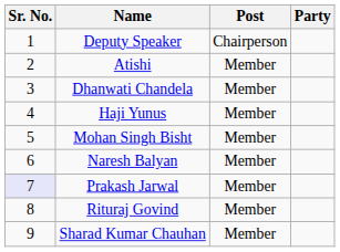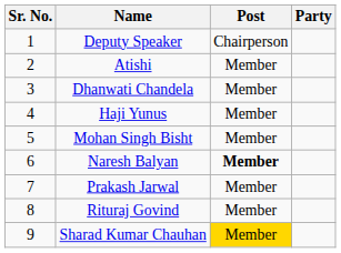 <table class="wikitable sortable">
 <tr>
 <th>Sr. No.</th>
 <th>Name</th>
 <th>Post</th>
 <th colspan="2">Party</th>
 </tr>
 <tr align="center">
 <td>1</td>
 <td><a href='#'>Deputy Speaker</a></td>
 <td>Chairperson</td>
 <td></td>
 </tr>
 <tr align="center">
 <td>2</td>
 <td><a href='#'>Atishi</a></td>
 <td>Member</td>
 <td></td>
 </tr>
 <tr align="center">
 <td>3</td>
 <td><a href='#'>Dhanwati Chandela</a></td>
 <td>Member</td>
 <td></td>
 </tr>
 <tr align="center">
 <td>4</td>
 <td><a href='#'>Haji Yunus</a></td>
 <td>Member</td>
 <td></td>
 </tr>
 <tr align="center">
 <td>5</td>
 <td><a href='#'>Mohan Singh Bisht</a></td>
 <td>Member</td>
 <td></td>
 </tr>
 <tr align="center">
 <td>6</td>
 <td><a href='#'>Naresh Balyan</a></td>
-<td>Member</td>
+<td><strong>Member</strong></td>
 <td></td>
 </tr>
 <tr align="center">
-<td style="background: lavender;">7</td>
+<td>7</td>
 <td><a href='#'>Prakash Jarwal</a></td>
 <td>Member</td>
 <td></td>
 </tr>
 <tr align="center">
 <td>8</td>
 <td><a href='#'>Rituraj Govind</a></td>
 <td>Member</td>
 <td></td>
 </tr>
 <tr align="center">
 <td>9</td>
 <td><a href='#'>Sharad Kumar Chauhan</a></td>
-<td>Member</td>
+<td style="background: gold;">Member</td>
 <td></td>
 </tr>
 </table>
